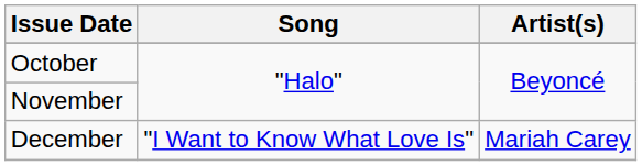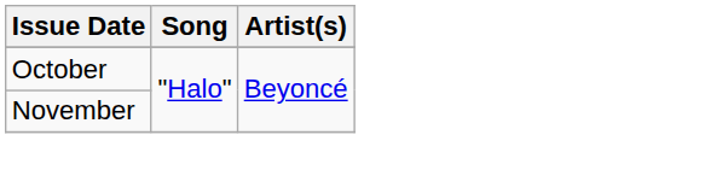 <table class=wikitable>
 <tr>
 <th>Issue Date</th>
 <th>Song</th>
 <th>Artist(s)</th>
 </tr>
 <tr>
 </tr>
 <tr>
 <td>October</td>
 <td rowspan=2 align=center>"<a href='#'>Halo</a>"</td>
 <td rowspan=2 align=center><a href='#'>Beyoncé</a></td>
 </tr>
 <tr>
 <td>November</td>
 </tr>
 <tr>
-<td>December</td>
-<td>"<a href='#'>I Want to Know What Love Is</a>"</td>
-<td><a href='#'>Mariah Carey</a></td>
-</tr>
-<tr>
 </tr>
 </table>
